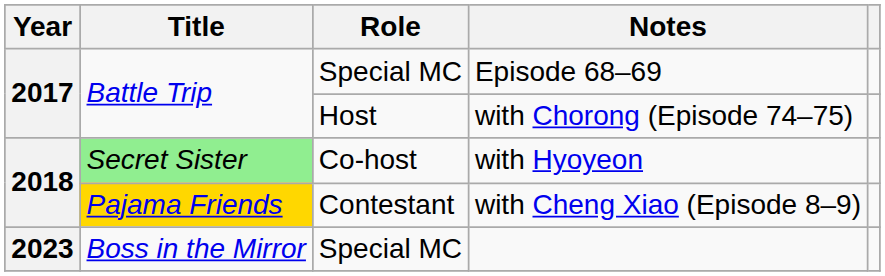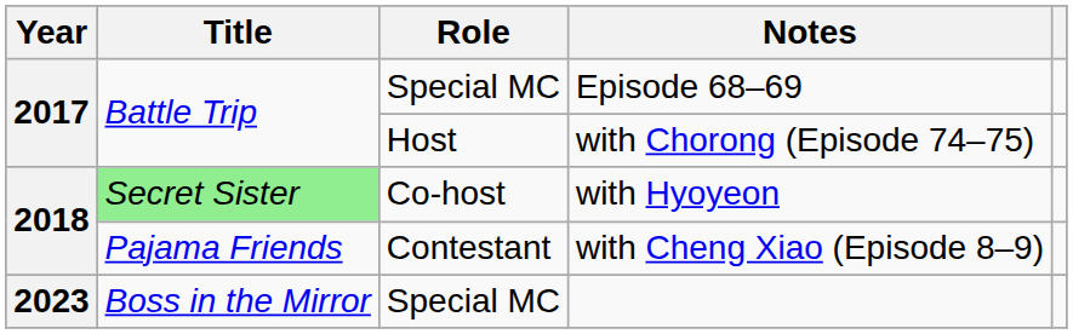 <table class="wikitable plainrowheaders sortable">
 <tr>
 <th scope="col">Year</th>
 <th scope="col">Title</th>
 <th scope="col">Role</th>
 <th scope="col">Notes</th>
 <th scope="col" class="unsortable"></th>
 </tr>
 <tr>
 <th scope="row" rowspan="2">2017</th>
 <td rowspan="2"><em><a href='#'>Battle Trip</a></em></td>
 <td>Special MC</td>
 <td>Episode 68–69</td>
 <td style="text-align:center"></td>
 </tr>
 <tr>
 <td>Host</td>
 <td>with <a href='#'>Chorong</a> (Episode 74–75)</td>
 <td style="text-align:center"></td>
 </tr>
 <tr>
 <th scope="row" rowspan="2">2018</th>
 <td style="background: lightgreen;"><em>Secret Sister</em></td>
 <td>Co-host</td>
 <td>with <a href='#'>Hyoyeon</a></td>
 <td style="text-align:center"></td>
 </tr>
 <tr>
-<td style="background: gold;"><em><a href='#'>Pajama Friends</a></em></td>
+<td><em><a href='#'>Pajama Friends</a></em></td>
 <td>Contestant</td>
 <td>with <a href='#'>Cheng Xiao</a> (Episode 8–9)</td>
 <td style="text-align:center"></td>
 </tr>
 <tr>
 <th scope="row">2023</th>
 <td><em><a href='#'>Boss in the Mirror</a></em></td>
 <td>Special MC</td>
 <td></td>
 <td style="text-align:center"></td>
 </tr>
 </table>
